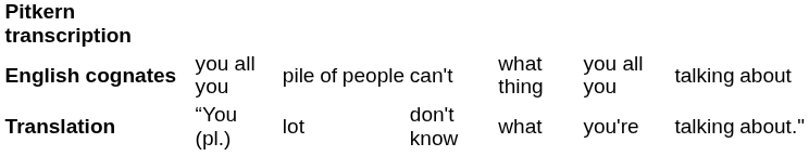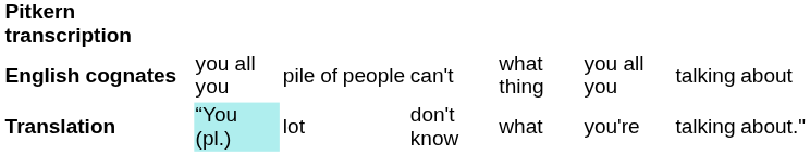 <table>
 <tr>
 <td><strong>Pitkern transcription</strong></td>
 <td></td>
 <td></td>
 <td></td>
 <td></td>
 <td></td>
 <td></td>
 <td></td>
 <td></td>
 <td></td>
 <td></td>
 </tr>
 <tr>
 <td><strong>English cognates</strong></td>
 <td></td>
 <td>you all you</td>
 <td>pile</td>
 <td>of</td>
 <td>people</td>
 <td>can't</td>
 <td>what thing</td>
 <td>you all you</td>
 <td>talking</td>
 <td>about</td>
 </tr>
 <tr>
 <td><strong>Translation</strong></td>
 <td></td>
-<td>“You (pl.)</td>
+<td style="background: paleturquoise;">“You (pl.)</td>
 <td colspan="3">lot</td>
 <td>don't know</td>
 <td>what</td>
 <td>you're</td>
 <td>talking</td>
 <td>about."</td>
 </tr>
 </table>
